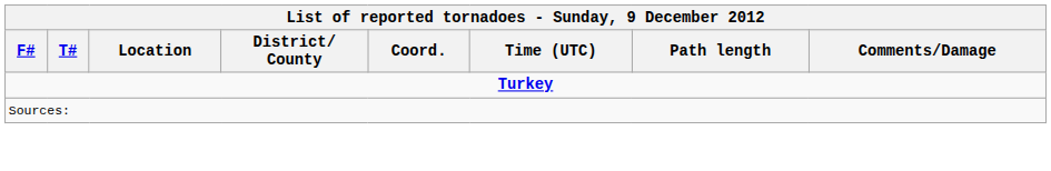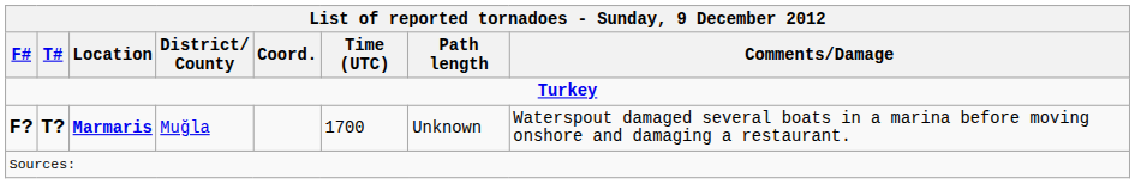 <table class="wikitable collapsible" width="100%">
 <tr>
 <th colspan="8">List of reported tornadoes - Sunday, 9 December 2012</th>
 </tr>
 <tr>
 <th><a href='#'>F#</a></th>
 <th><a href='#'>T#</a></th>
 <th>Location</th>
 <th>District/<br>County</th>
 <th>Coord.</th>
 <th>Time (UTC)</th>
 <th>Path length</th>
 <th>Comments/Damage</th>
 </tr>
 <tr>
 <td colspan="8" align=center><strong><a href='#'>Turkey</a></strong></td>
 </tr>
 <tr>
+<td><big><strong>F?</strong></big></td>
+<td><big><strong>T?</strong></big></td>
+<td><strong><a href='#'>Marmaris</a></strong></td>
+<td><a href='#'>Muğla</a></td>
+<td></td>
+<td>1700</td>
+<td>Unknown</td>
+<td>Waterspout damaged several boats in a marina before moving onshore and damaging a restaurant.</td>
+</tr>
+<tr>
 <td colspan="8"><small>Sources:  </small></td>
 </tr>
 </table>
